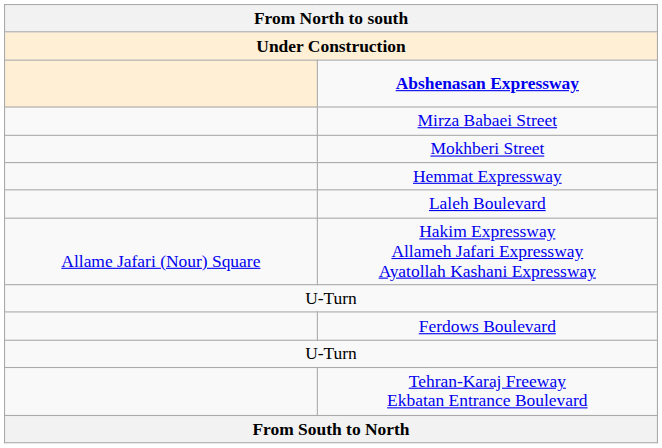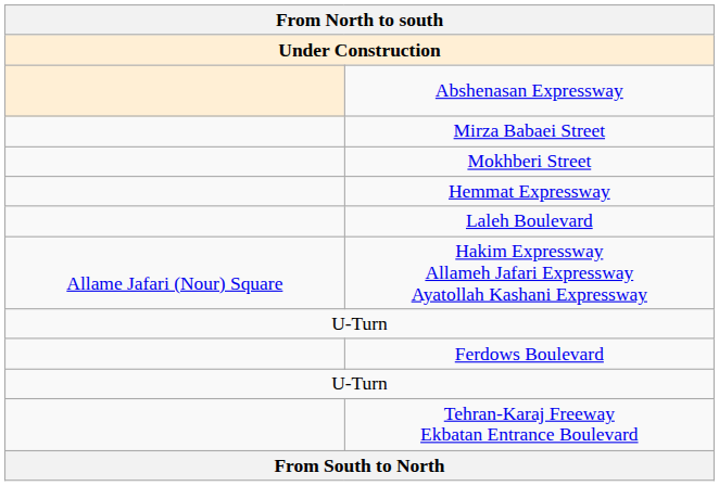 <table class="wikitable" style="text-align:center" width="600px">
 <tr>
 <th text-align="center" colspan="3"> From North to south </th>
 </tr>
 <tr>
 <td text-align="center" colspan="3" bgcolor="#FFEFD5"> <strong>Under Construction</strong> </td>
 </tr>
 <tr>
 <td bgcolor="#FFEFD5"><br><br></td>
-<td><strong> <a href='#'>Abshenasan Expressway</a></strong></td>
+<td> <a href='#'>Abshenasan Expressway</a></td>
 </tr>
 <tr>
 <td></td>
 <td> <a href='#'>Mirza Babaei Street</a></td>
 </tr>
 <tr>
 <td></td>
 <td> <a href='#'>Mokhberi Street</a></td>
 </tr>
 <tr>
 <td></td>
 <td> <a href='#'>Hemmat Expressway</a></td>
 </tr>
 <tr>
 <td></td>
 <td> <a href='#'>Laleh Boulevard</a></td>
 </tr>
 <tr>
 <td><br><a href='#'>Allame Jafari (Nour) Square</a></td>
 <td> <a href='#'>Hakim Expressway</a><br> <a href='#'>Allameh Jafari Expressway</a><br> <a href='#'>Ayatollah Kashani Expressway</a></td>
 </tr>
 <tr>
 <td text-align="center" colspan="3"> U-Turn</td>
 </tr>
 <tr>
 <td></td>
 <td> <a href='#'>Ferdows Boulevard</a></td>
 </tr>
 <tr>
 <td text-align="center" colspan="3"> U-Turn</td>
 </tr>
 <tr>
 <td><br></td>
 <td> <a href='#'>Tehran-Karaj Freeway</a><br> <a href='#'>Ekbatan Entrance Boulevard</a></td>
 </tr>
 <tr>
 <th text-align="center" colspan="3"> From South to North </th>
 </tr>
 </table>
